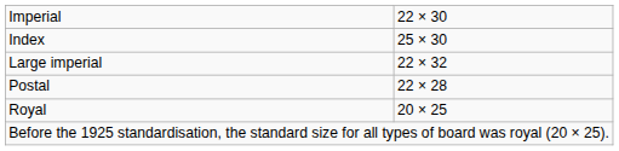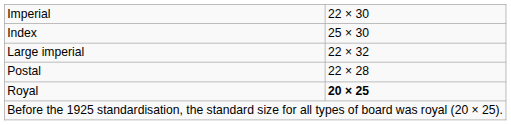 <table class="wikitable">
 <tr>
 <td>Imperial</td>
 <td>22 × 30</td>
 </tr>
 <tr>
 <td>Index</td>
 <td>25 × 30</td>
 </tr>
 <tr>
 <td>Large imperial</td>
 <td>22 × 32</td>
 </tr>
 <tr>
 <td>Postal</td>
 <td>22 × 28</td>
 </tr>
 <tr>
 <td>Royal</td>
-<td>20 × 25</td>
+<td><strong>20 × 25</strong></td>
 </tr>
 <tr>
 <td colspan="2">Before the 1925 standardisation, the standard size for all types of board was royal (20 × 25).</td>
 </tr>
 </table>
